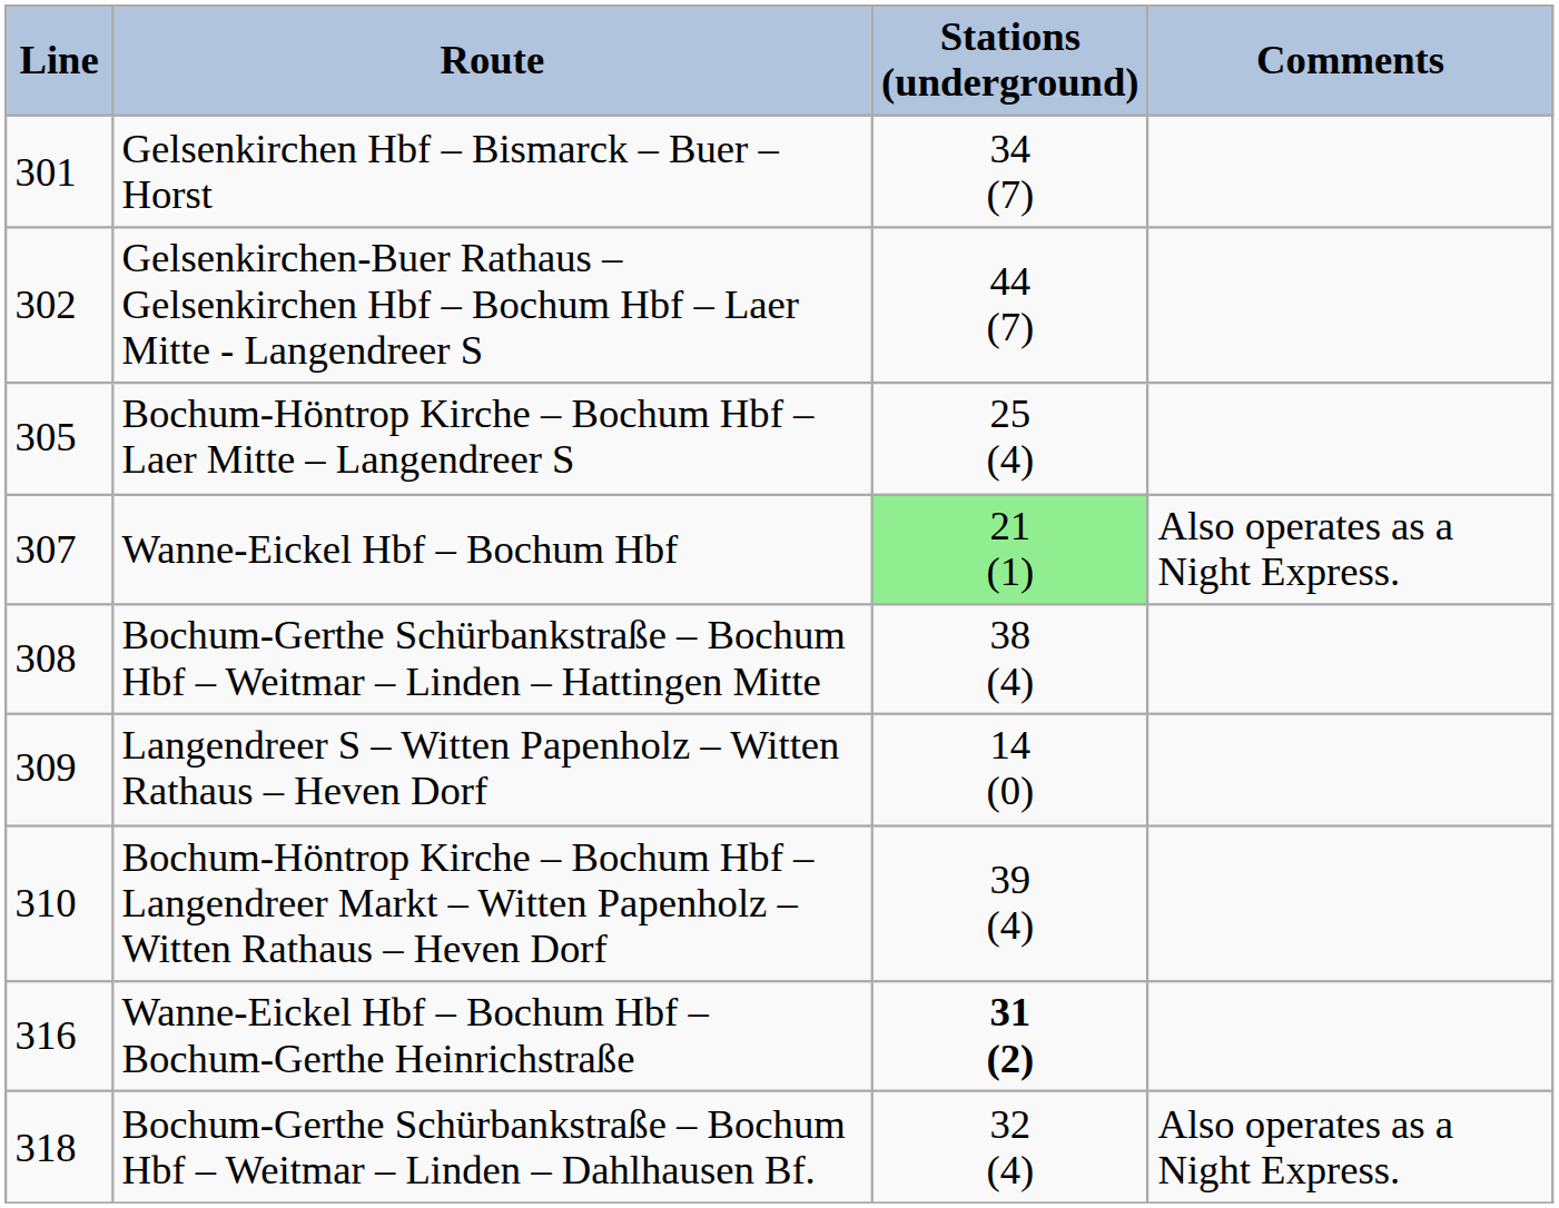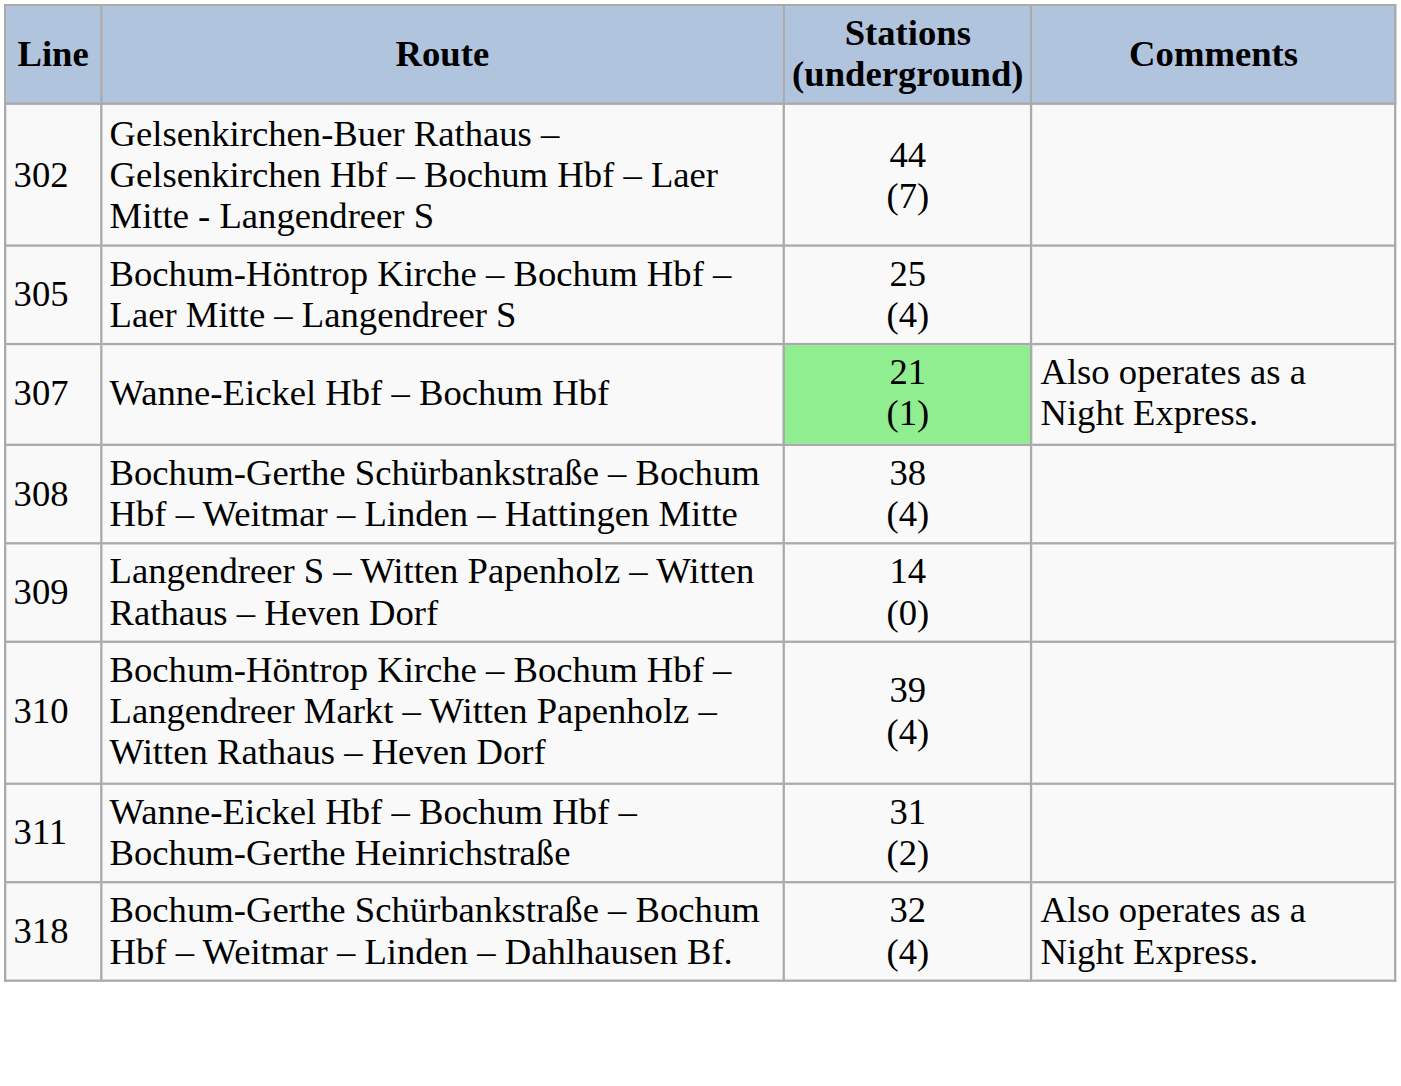 <table class="wikitable">
 <tr>
 <th style="background: lightsteelblue;" width="40px">Line</th>
 <th style="background: lightsteelblue;" width="585px">Route</th>
 <th style="background: lightsteelblue;" width="100px">Stations <br>(underground)</th>
 <th style="background: lightsteelblue;" width="275px">Comments</th>
-</tr>
-<tr>
-<td style="background-color:#">301</td>
-<td>Gelsenkirchen Hbf – Bismarck – Buer – Horst</td>
-<td style="text-align:center;">34<br>(7)</td>
-<td></td>
 </tr>
 <tr>
 <td style="background-color:#">302</td>
 <td>Gelsenkirchen-Buer Rathaus – Gelsenkirchen Hbf – Bochum Hbf – Laer Mitte - Langendreer S</td>
 <td style="text-align:center;">44<br>(7)</td>
 <td></td>
 </tr>
 <tr>
 <td style="background-color:#">305</td>
 <td>Bochum-Höntrop Kirche – Bochum Hbf – Laer Mitte – Langendreer S</td>
 <td style="text-align:center;">25<br>(4)</td>
 <td></td>
 </tr>
 <tr>
 <td style="background-color:#">307</td>
 <td>Wanne-Eickel Hbf – Bochum Hbf</td>
 <td style="background: lightgreen; text-align:center;">21<br>(1)</td>
 <td>Also operates as a Night Express.</td>
 </tr>
 <tr>
 <td style="background-color:#">308</td>
 <td>Bochum-Gerthe Schürbankstraße – Bochum Hbf – Weitmar – Linden – Hattingen Mitte</td>
 <td style="text-align:center;">38<br>(4)</td>
 <td></td>
 </tr>
 <tr>
 <td style="background-color:#">309</td>
 <td>Langendreer S – Witten Papenholz – Witten Rathaus – Heven Dorf</td>
 <td style="text-align:center;">14<br>(0)</td>
 <td></td>
 </tr>
 <tr>
 <td style="background-color:#">310</td>
 <td>Bochum-Höntrop Kirche – Bochum Hbf – Langendreer Markt – Witten Papenholz – Witten Rathaus – Heven Dorf</td>
 <td style="text-align:center;">39<br>(4)</td>
 <td></td>
 </tr>
 <tr>
-<td style="background-color:#">316</td>
+<td style="background-color:#">311</td>
 <td>Wanne-Eickel Hbf – Bochum Hbf – Bochum-Gerthe Heinrichstraße</td>
-<td style="text-align:center;"><strong>31<br>(2)</strong></td>
+<td style="text-align:center;">31<br>(2)</td>
 <td></td>
 </tr>
 <tr>
 <td style="background-color:#">318</td>
 <td>Bochum-Gerthe Schürbankstraße – Bochum Hbf – Weitmar – Linden – Dahlhausen Bf.</td>
 <td style="text-align:center;">32<br>(4)</td>
 <td>Also operates as a Night Express.</td>
 </tr>
 </table>
